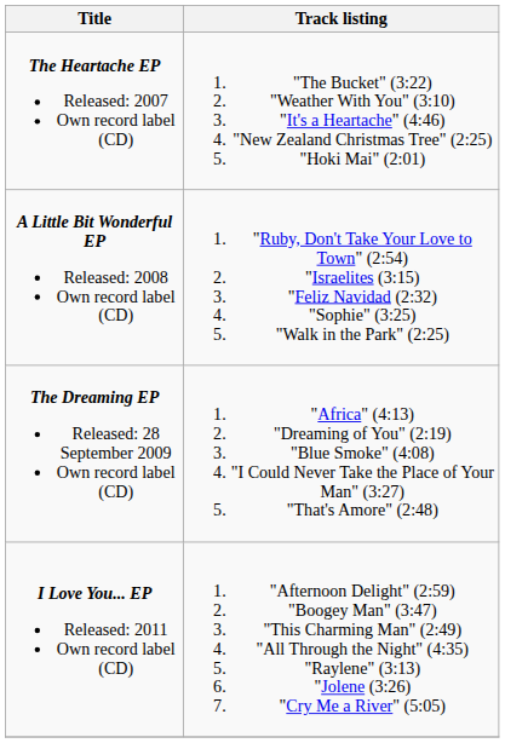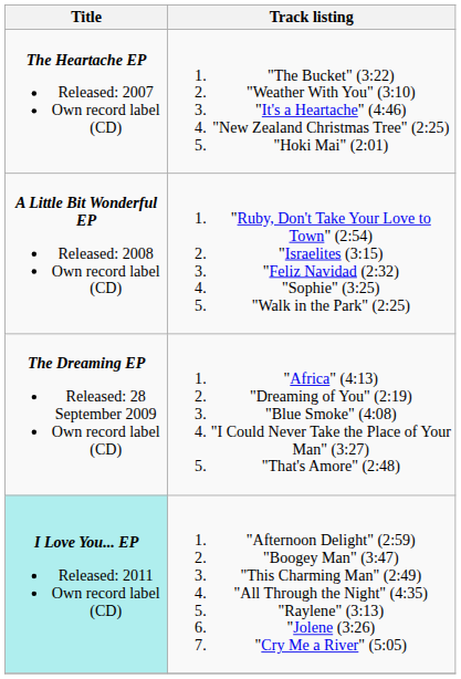 <table class="wikitable plainrowheaders" style="text-align:center;">
 <tr>
 <th scope="col" style="width:10em;">Title</th>
 <th scope="col" style="width:18em;">Track listing</th>
 </tr>
 <tr>
 <td><strong><em>The Heartache EP</em></strong><br><ul><li>Released: 2007</li><li>Own record label (CD)</li></ul></td>
 <td><br><ol><li>"The Bucket" (3:22)</li><li>"Weather With You" (3:10)</li><li>"<a href='#'>It's a Heartache</a>" (4:46)</li><li>"New Zealand Christmas Tree" (2:25)</li><li>"Hoki Mai" (2:01)</li></ol></td>
 </tr>
 <tr>
 <td><strong><em>A Little Bit Wonderful EP</em></strong><br><ul><li>Released: 2008</li><li>Own record label (CD)</li></ul></td>
 <td><br><ol><li>"<a href='#'>Ruby, Don't Take Your Love to Town</a>" (2:54)</li><li>"<a href='#'>Israelites</a> (3:15)</li><li>"<a href='#'>Feliz Navidad</a> (2:32)</li><li>"Sophie" (3:25)</li><li>"Walk in the Park" (2:25)</li></ol></td>
 </tr>
 <tr>
 <td><strong><em>The Dreaming EP</em></strong><br><ul><li>Released: 28 September 2009</li><li>Own record label (CD)</li></ul></td>
 <td><br><ol><li>"<a href='#'>Africa</a>" (4:13)</li><li>"Dreaming of You" (2:19)</li><li>"Blue Smoke" (4:08)</li><li>"I Could Never Take the Place of Your Man" (3:27)</li><li>"That's Amore" (2:48)</li></ol></td>
 </tr>
 <tr>
-<td><strong><em>I Love You... EP</em></strong><br><ul><li>Released: 2011</li><li>Own record label (CD)</li></ul></td>
+<td style="background: paleturquoise;"><strong><em>I Love You... EP</em></strong><br><ul><li>Released: 2011</li><li>Own record label (CD)</li></ul></td>
 <td><br><ol><li>"Afternoon Delight" (2:59)</li><li>"Boogey Man" (3:47)</li><li>"This Charming Man" (2:49)</li><li>"All Through the Night" (4:35)</li><li>"Raylene" (3:13)</li><li>"<a href='#'>Jolene</a> (3:26)</li><li>"<a href='#'>Cry Me a River</a>" (5:05)</li></ol></td>
 </tr>
 <tr>
 </tr>
 </table>
